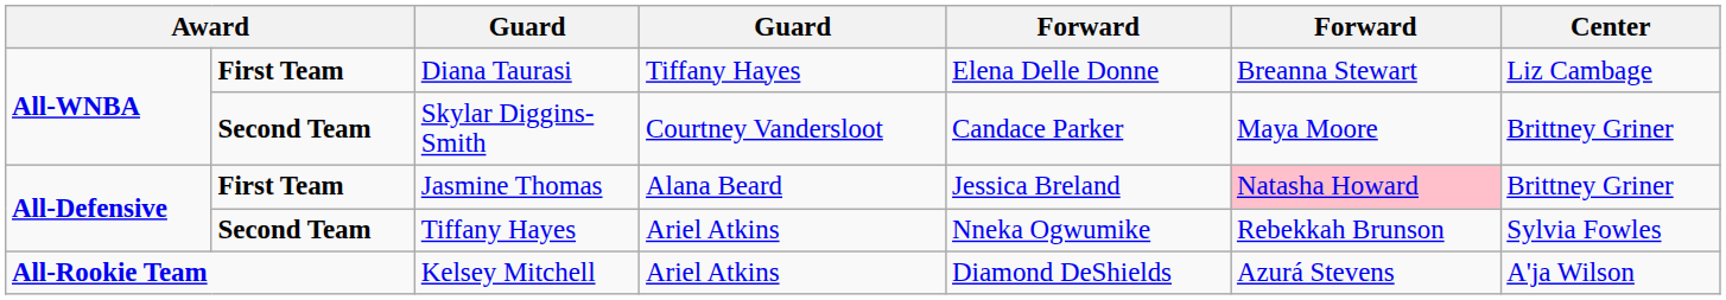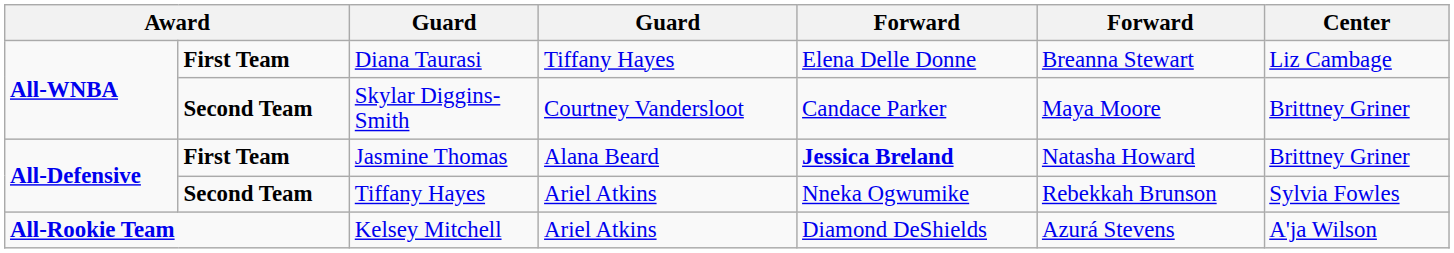 <table class="wikitable" style="width: 80%">
 <tr>
 <th colspan="2">Award</th>
 <th width=125>Guard</th>
 <th>Guard</th>
 <th>Forward</th>
 <th>Forward</th>
 <th>Center</th>
 </tr>
 <tr>
 <td rowspan="2"><strong><a href='#'>All-WNBA</a></strong></td>
 <td><strong>First Team</strong></td>
 <td><a href='#'>Diana Taurasi</a></td>
 <td><a href='#'>Tiffany Hayes</a></td>
 <td><a href='#'>Elena Delle Donne</a></td>
 <td><a href='#'>Breanna Stewart</a></td>
 <td><a href='#'>Liz Cambage</a></td>
 </tr>
 <tr>
 <td><strong>Second Team</strong></td>
 <td><a href='#'>Skylar Diggins-Smith</a></td>
 <td><a href='#'>Courtney Vandersloot</a></td>
 <td><a href='#'>Candace Parker</a></td>
 <td><a href='#'>Maya Moore</a></td>
 <td><a href='#'>Brittney Griner</a></td>
 </tr>
 <tr>
 <td rowspan="2"><strong><a href='#'>All-Defensive</a></strong></td>
 <td><strong>First Team</strong></td>
 <td><a href='#'>Jasmine Thomas</a></td>
 <td><a href='#'>Alana Beard</a></td>
-<td><a href='#'>Jessica Breland</a></td>
-<td style="background: pink;"><a href='#'>Natasha Howard</a></td>
+<td><strong><a href='#'>Jessica Breland</a></strong></td>
+<td><a href='#'>Natasha Howard</a></td>
 <td><a href='#'>Brittney Griner</a></td>
 </tr>
 <tr>
 <td><strong>Second Team</strong></td>
 <td><a href='#'>Tiffany Hayes</a></td>
 <td><a href='#'>Ariel Atkins</a></td>
 <td><a href='#'>Nneka Ogwumike</a></td>
 <td><a href='#'>Rebekkah Brunson</a></td>
 <td><a href='#'>Sylvia Fowles</a></td>
 </tr>
 <tr>
 <td colspan="2"><strong><a href='#'>All-Rookie Team</a></strong></td>
 <td><a href='#'>Kelsey Mitchell</a></td>
 <td><a href='#'>Ariel Atkins</a></td>
 <td><a href='#'>Diamond DeShields</a></td>
 <td><a href='#'>Azurá Stevens</a></td>
 <td><a href='#'>A'ja Wilson</a></td>
 </tr>
 </table>
